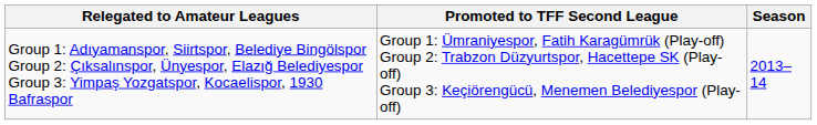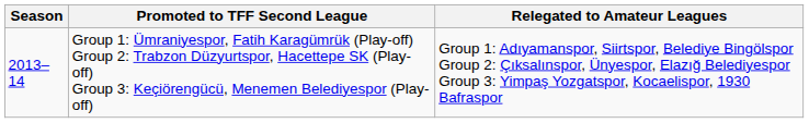 <table class="wikitable">
 <tr>
+<th>Season</th>
+<th>Promoted to TFF Second League</th>
 <th>Relegated to Amateur Leagues</th>
-<th>Promoted to TFF Second League</th>
-<th>Season</th>
 </tr>
 <tr>
+<td><a href='#'>2013–14</a></td>
+<td>Group 1: <a href='#'>Ümraniyespor</a>, <a href='#'>Fatih Karagümrük</a> (Play-off)<br>Group 2: <a href='#'>Trabzon Düzyurtspor</a>, <a href='#'>Hacettepe SK</a> (Play-off)<br>Group 3: <a href='#'>Keçiörengücü</a>, <a href='#'>Menemen Belediyespor</a> (Play-off)</td>
 <td>Group 1: <a href='#'>Adıyamanspor</a>, <a href='#'>Siirtspor</a>, <a href='#'>Belediye Bingölspor</a><br> Group 2: <a href='#'>Çıksalınspor</a>, <a href='#'>Ünyespor</a>, <a href='#'>Elazığ Belediyespor</a><br>Group 3: <a href='#'>Yimpaş Yozgatspor</a>, <a href='#'>Kocaelispor</a>, <a href='#'>1930 Bafraspor</a></td>
-<td>Group 1: <a href='#'>Ümraniyespor</a>, <a href='#'>Fatih Karagümrük</a> (Play-off)<br>Group 2: <a href='#'>Trabzon Düzyurtspor</a>, <a href='#'>Hacettepe SK</a> (Play-off)<br>Group 3: <a href='#'>Keçiörengücü</a>, <a href='#'>Menemen Belediyespor</a> (Play-off)</td>
-<td><a href='#'>2013–14</a></td>
 </tr>
 </table>
